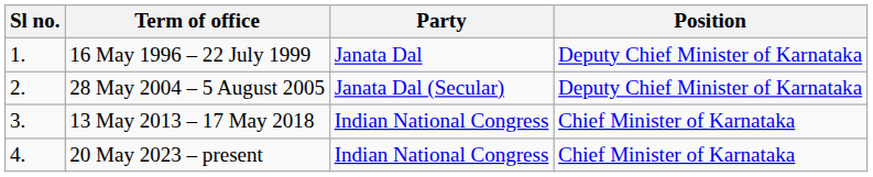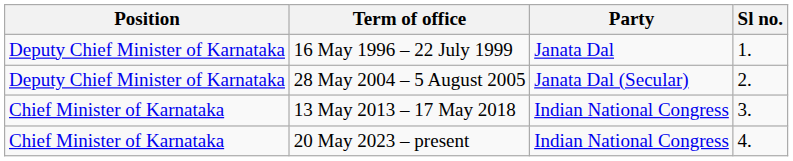 <table class="wikitable">
 <tr>
-<th>Sl no.</th>
+<th>Position</th>
 <th>Term of office</th>
 <th>Party</th>
-<th>Position</th>
+<th>Sl no.</th>
 </tr>
 <tr>
-<td style="background:">1.</td>
+<td><a href='#'>Deputy Chief Minister of Karnataka</a></td>
 <td>16 May 1996 – 22 July 1999</td>
 <td><a href='#'>Janata Dal</a></td>
-<td><a href='#'>Deputy Chief Minister of Karnataka</a></td>
+<td style="background:">1.</td>
 </tr>
 <tr>
-<td style="background:">2.</td>
+<td><a href='#'>Deputy Chief Minister of Karnataka</a></td>
 <td>28 May 2004 – 5 August 2005</td>
 <td><a href='#'>Janata Dal (Secular)</a></td>
-<td><a href='#'>Deputy Chief Minister of Karnataka</a></td>
+<td style="background:">2.</td>
 </tr>
 <tr>
-<td style="background:">3.</td>
+<td><a href='#'>Chief Minister of Karnataka</a></td>
 <td>13 May 2013 – 17 May 2018</td>
 <td><a href='#'>Indian National Congress</a></td>
-<td><a href='#'>Chief Minister of Karnataka</a></td>
+<td style="background:">3.</td>
 </tr>
 <tr>
-<td style="background:">4.</td>
+<td><a href='#'>Chief Minister of Karnataka</a></td>
 <td>20 May 2023 – present</td>
 <td><a href='#'>Indian National Congress</a></td>
-<td><a href='#'>Chief Minister of Karnataka</a></td>
+<td style="background:">4.</td>
 </tr>
 </table>
